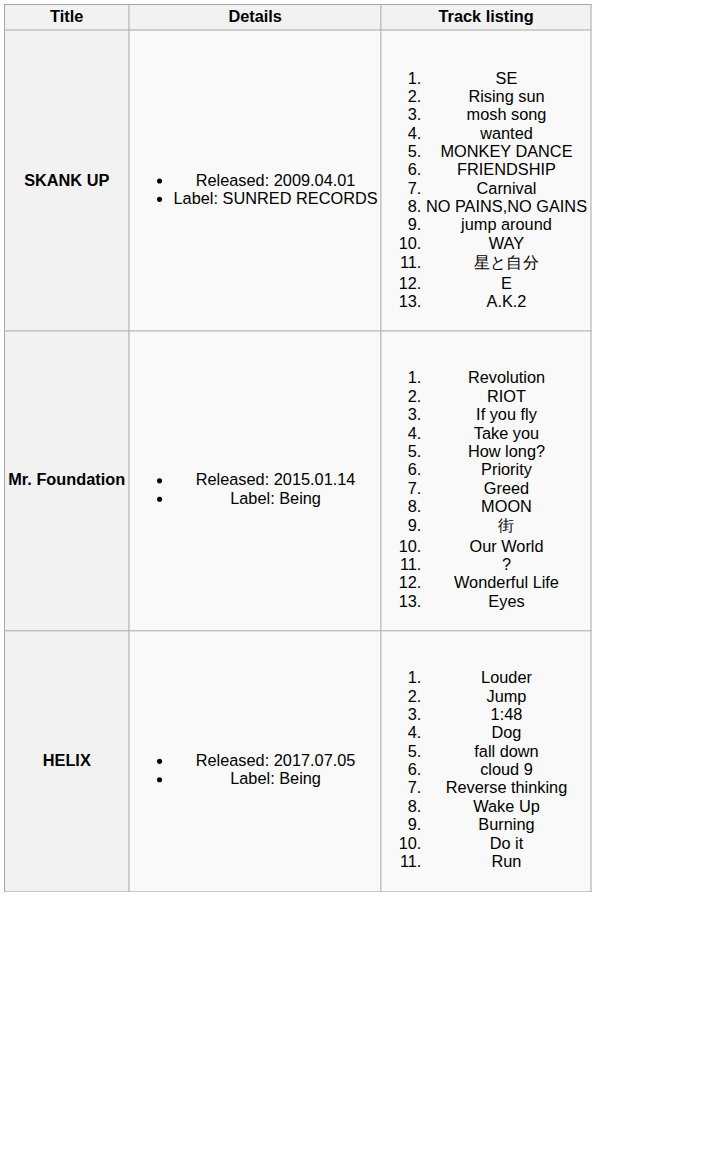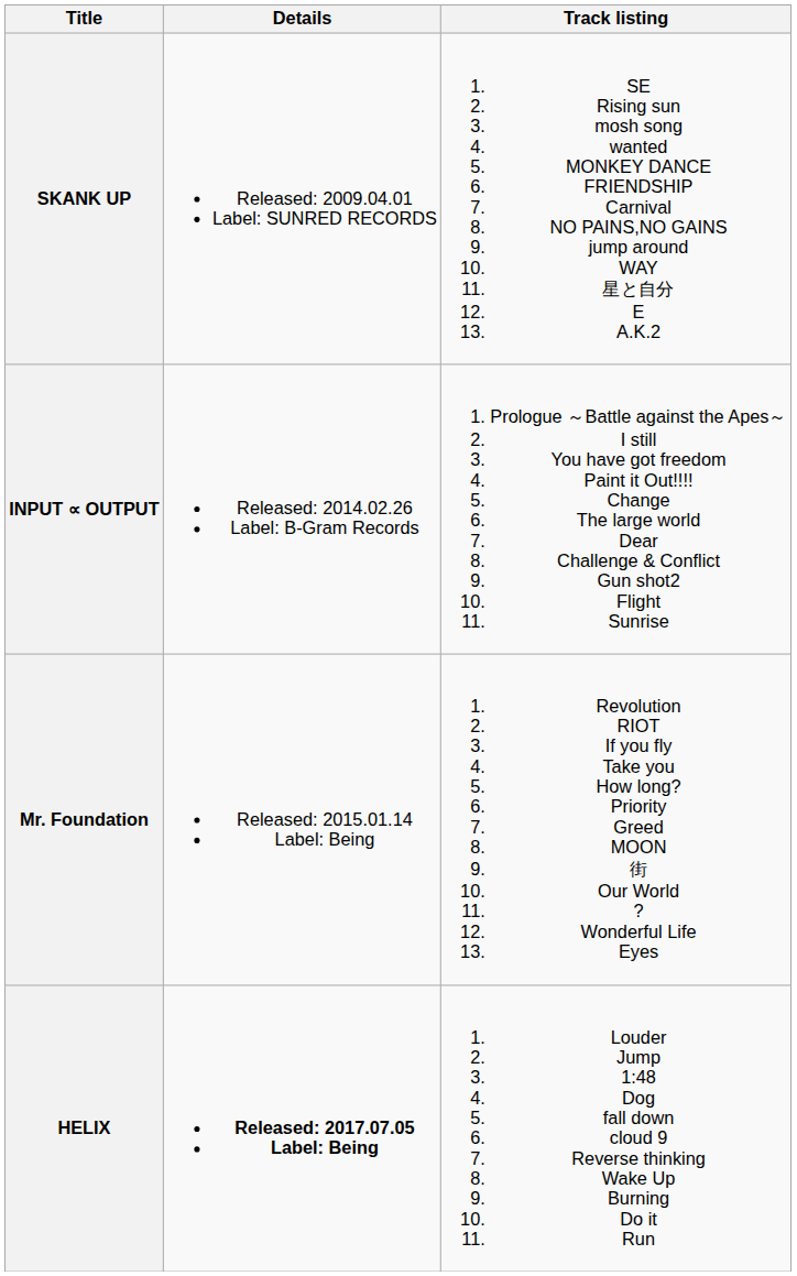 <table class="wikitable" ; style="text-align:center; style:vertical-align:middle;">
 <tr>
 <th>Title</th>
 <th>Details</th>
 <th>Track listing</th>
 </tr>
 <tr>
 <th>SKANK UP</th>
 <td><br><ul><li>Released: 2009.04.01</li><li>Label: SUNRED RECORDS</li></ul></td>
 <td><br><ol><li>SE</li><li>Rising sun</li><li>mosh song</li><li>wanted</li><li>MONKEY DANCE</li><li>FRIENDSHIP</li><li>Carnival</li><li>NO PAINS,NO GAINS</li><li>jump around</li><li>WAY</li><li>星と自分</li><li>E</li><li>A.K.2</li></ol></td>
 </tr>
 <tr>
+<th>INPUT ∝ OUTPUT</th>
+<td><br><ul><li>Released: 2014.02.26</li><li>Label: B-Gram Records</li></ul></td>
+<td><br><ol><li>Prologue ～Battle against the Apes～</li><li>I still</li><li>You have got freedom</li><li>Paint it Out!!!!</li><li>Change</li><li>The large world</li><li>Dear</li><li>Challenge & Conflict</li><li>Gun shot2</li><li>Flight</li><li>Sunrise</li></ol></td>
+</tr>
+<tr>
 <th>Mr. Foundation</th>
 <td><br><ul><li>Released: 2015.01.14</li><li>Label: Being</li></ul></td>
 <td><br><ol><li>Revolution</li><li>RIOT</li><li>If you fly</li><li>Take you</li><li>How long?</li><li>Priority</li><li>Greed</li><li>MOON</li><li>街</li><li>Our World</li><li>?</li><li>Wonderful Life</li><li>Eyes</li></ol></td>
 </tr>
 <tr>
 <th>HELIX</th>
-<td><br><ul><li>Released: 2017.07.05</li><li>Label: Being</li></ul></td>
+<td><strong><br><ul><li>Released: 2017.07.05</li><li>Label: Being</li></ul></strong></td>
 <td><br><ol><li>Louder</li><li>Jump</li><li>1:48</li><li>Dog</li><li>fall down</li><li>cloud 9</li><li>Reverse thinking</li><li>Wake Up</li><li>Burning</li><li>Do it</li><li>Run</li></ol></td>
 </tr>
 </table>
